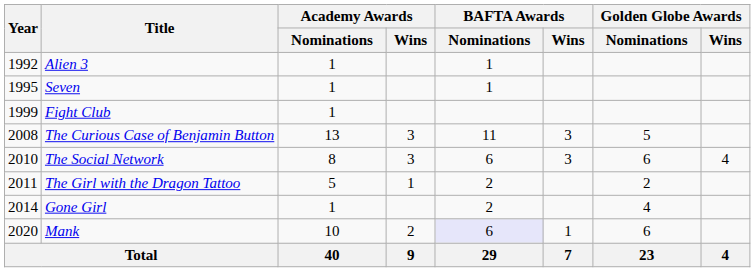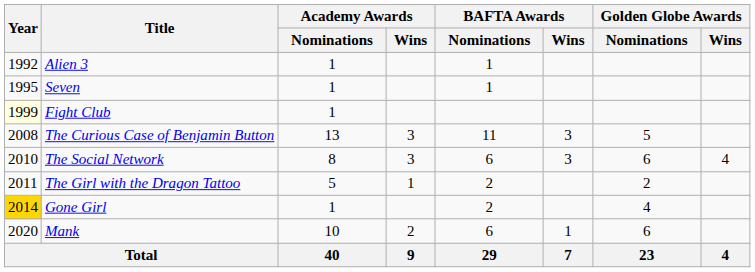 <table class="wikitable">
 <tr>
 <th rowspan="2">Year</th>
 <th rowspan="2">Title</th>
 <th colspan="2" style="text-align:center;" width=160>Academy Awards</th>
 <th colspan="2" style="text-align:center;" width=160>BAFTA Awards</th>
 <th colspan="2" style="text-align:center;" width=160>Golden Globe Awards</th>
 </tr>
 <tr>
 <th>Nominations</th>
 <th>Wins</th>
 <th>Nominations</th>
 <th>Wins</th>
 <th>Nominations</th>
 <th>Wins</th>
 </tr>
 <tr>
 <td>1992</td>
 <td><em><a href='#'>Alien 3</a></em></td>
 <td align=center>1</td>
 <td></td>
 <td align=center>1</td>
 <td></td>
 <td></td>
 <td></td>
 </tr>
 <tr>
 <td>1995</td>
 <td><em><a href='#'>Seven</a></em></td>
 <td align=center>1</td>
 <td></td>
 <td align=center>1</td>
 <td></td>
 <td></td>
 <td></td>
 </tr>
 <tr>
-<td>1999</td>
+<td style="background: lightyellow;">1999</td>
 <td><em><a href='#'>Fight Club</a></em></td>
 <td align=center>1</td>
 <td></td>
 <td></td>
 <td></td>
 <td></td>
 <td></td>
 </tr>
 <tr>
 <td>2008</td>
 <td><em><a href='#'>The Curious Case of Benjamin Button</a></em></td>
 <td align=center>13</td>
 <td align=center>3</td>
 <td align=center>11</td>
 <td align=center>3</td>
 <td align=center>5</td>
 <td></td>
 </tr>
 <tr>
 <td>2010</td>
 <td><em><a href='#'>The Social Network</a></em></td>
 <td align=center>8</td>
 <td align=center>3</td>
 <td align=center>6</td>
 <td align=center>3</td>
 <td align=center>6</td>
 <td align=center>4</td>
 </tr>
 <tr>
 <td>2011</td>
 <td><em><a href='#'>The Girl with the Dragon Tattoo</a></em></td>
 <td align=center>5</td>
 <td align=center>1</td>
 <td align=center>2</td>
 <td></td>
 <td align=center>2</td>
 <td></td>
 </tr>
 <tr>
-<td>2014</td>
+<td style="background: gold;">2014</td>
 <td><em><a href='#'>Gone Girl</a></em></td>
 <td align=center>1</td>
 <td></td>
 <td align=center>2</td>
 <td></td>
 <td align=center>4</td>
 <td></td>
 </tr>
 <tr>
 <td>2020</td>
 <td><em><a href='#'>Mank</a></em></td>
 <td align=center>10</td>
 <td align=center>2</td>
-<td align=center style="background: lavender;">6</td>
+<td align=center>6</td>
 <td align=center>1</td>
 <td align=center>6</td>
 <td></td>
 </tr>
 <tr>
 <th colspan="2">Total</th>
 <th align=center>40</th>
 <th align=center>9</th>
 <th align=center>29</th>
 <th align=center>7</th>
 <th align=center>23</th>
 <th align=center>4</th>
 </tr>
 </table>
